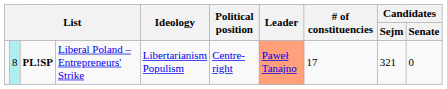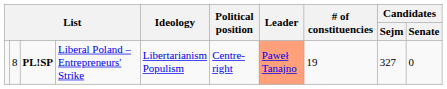 <table class=wikitable style="font-size:95%;">
 <tr>
 <th colspan="4" rowspan="2">List</th>
 <th rowspan="2">Ideology</th>
 <th rowspan="2">Political position</th>
 <th rowspan="2">Leader</th>
 <th rowspan="2"># of constituencies</th>
 <th colspan="2">Candidates</th>
 </tr>
 <tr>
 <th>Sejm</th>
 <th>Senate</th>
 </tr>
 <tr>
 <td style="background:"></td>
-<td style="background: paleturquoise;">8</td>
+<td>8</td>
 <td style="text-align:center;"><strong>PL!SP</strong></td>
 <td><a href='#'>Liberal Poland – Entrepreneurs' Strike</a><br></td>
 <td><a href='#'>Libertarianism</a><br><a href='#'>Populism</a></td>
 <td><a href='#'>Centre-right</a></td>
 <td style="background: lightsalmon;"><a href='#'>Paweł Tanajno</a></td>
-<td>17</td>
-<td>321</td>
+<td>19</td>
+<td>327</td>
 <td>0</td>
 </tr>
 </table>
